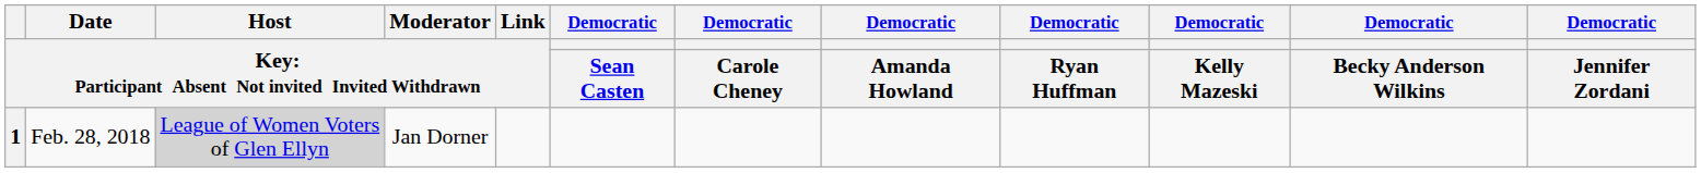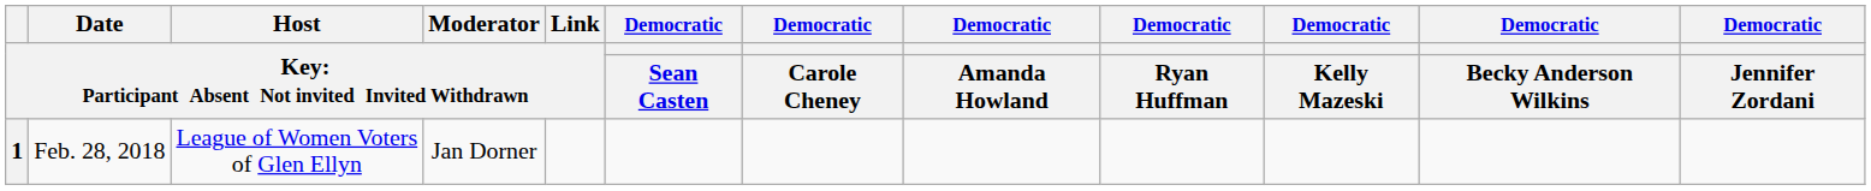 <table class="wikitable" style="text-align:center;">
 <tr>
 <th scope="col"></th>
 <th scope="col">Date</th>
 <th scope="col">Host</th>
 <th scope="col">Moderator</th>
 <th scope="col">Link</th>
 <th scope="col"><small><a href='#'>Democratic</a></small></th>
 <th scope="col"><small><a href='#'>Democratic</a></small></th>
 <th scope="col"><small><a href='#'>Democratic</a></small></th>
 <th scope="col"><small><a href='#'>Democratic</a></small></th>
 <th scope="col"><small><a href='#'>Democratic</a></small></th>
 <th scope="col"><small><a href='#'>Democratic</a></small></th>
 <th scope="col"><small><a href='#'>Democratic</a></small></th>
 </tr>
 <tr>
 <th colspan="5" rowspan="2">Key:<br> <small>Participant </small>  <small>Absent </small>  <small>Not invited </small>  <small>Invited  Withdrawn</small></th>
 <th scope="col" style="background:"></th>
 <th scope="col" style="background:"></th>
 <th scope="col" style="background:"></th>
 <th scope="col" style="background:"></th>
 <th scope="col" style="background:"></th>
 <th scope="col" style="background:"></th>
 <th scope="col" style="background:"></th>
 </tr>
 <tr>
 <th scope="col"><a href='#'>Sean Casten</a></th>
 <th scope="col">Carole Cheney</th>
 <th scope="col">Amanda Howland</th>
 <th scope="col">Ryan Huffman</th>
 <th scope="col">Kelly Mazeski</th>
 <th scope="col">Becky Anderson Wilkins</th>
 <th scope="col">Jennifer Zordani</th>
 </tr>
 <tr>
 <th>1</th>
 <td style="white-space:nowrap;">Feb. 28, 2018</td>
-<td style="background: lightgrey; white-space:nowrap;"><a href='#'>League of Women Voters</a><br>of <a href='#'>Glen Ellyn</a></td>
+<td style="white-space:nowrap;"><a href='#'>League of Women Voters</a><br>of <a href='#'>Glen Ellyn</a></td>
 <td style="white-space:nowrap;">Jan Dorner</td>
 <td style="white-space:nowrap;"></td>
 <td></td>
 <td></td>
 <td></td>
 <td></td>
 <td></td>
 <td></td>
 <td></td>
 </tr>
 </table>
